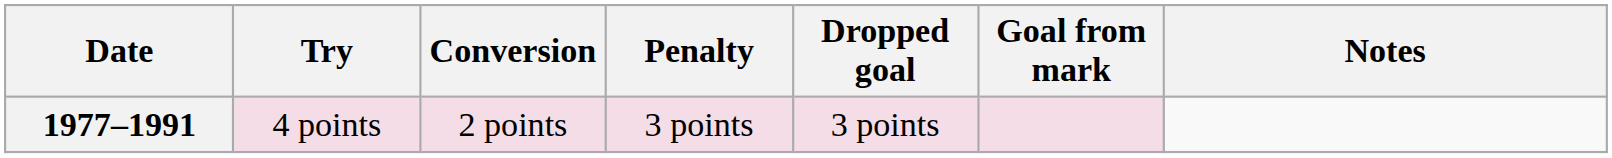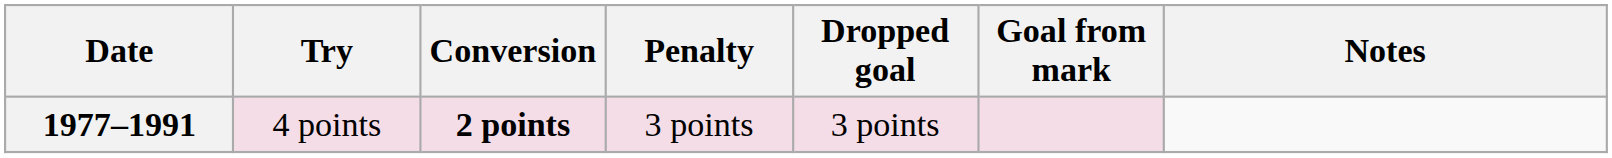 <table class="wikitable">
 <tr>
 <th scope="col" width="100px">Date</th>
 <th scope="col" width="80px">Try</th>
 <th scope="col" width="80px">Conversion</th>
 <th scope="col" width="80px">Penalty</th>
 <th scope="col" width="80px">Dropped goal</th>
 <th scope="col" width="80px">Goal from mark</th>
 <th scope="col" width="200px">Notes<br></th>
 </tr>
 <tr style="text-align:center;   background:#F4DDE7;">
 <th>1977–1991</th>
 <td>4 points</td>
-<td>2 points</td>
+<td><strong>2 points</strong></td>
 <td>3 points</td>
 <td>3 points</td>
 <td><br></td>
 </tr>
 </table>
